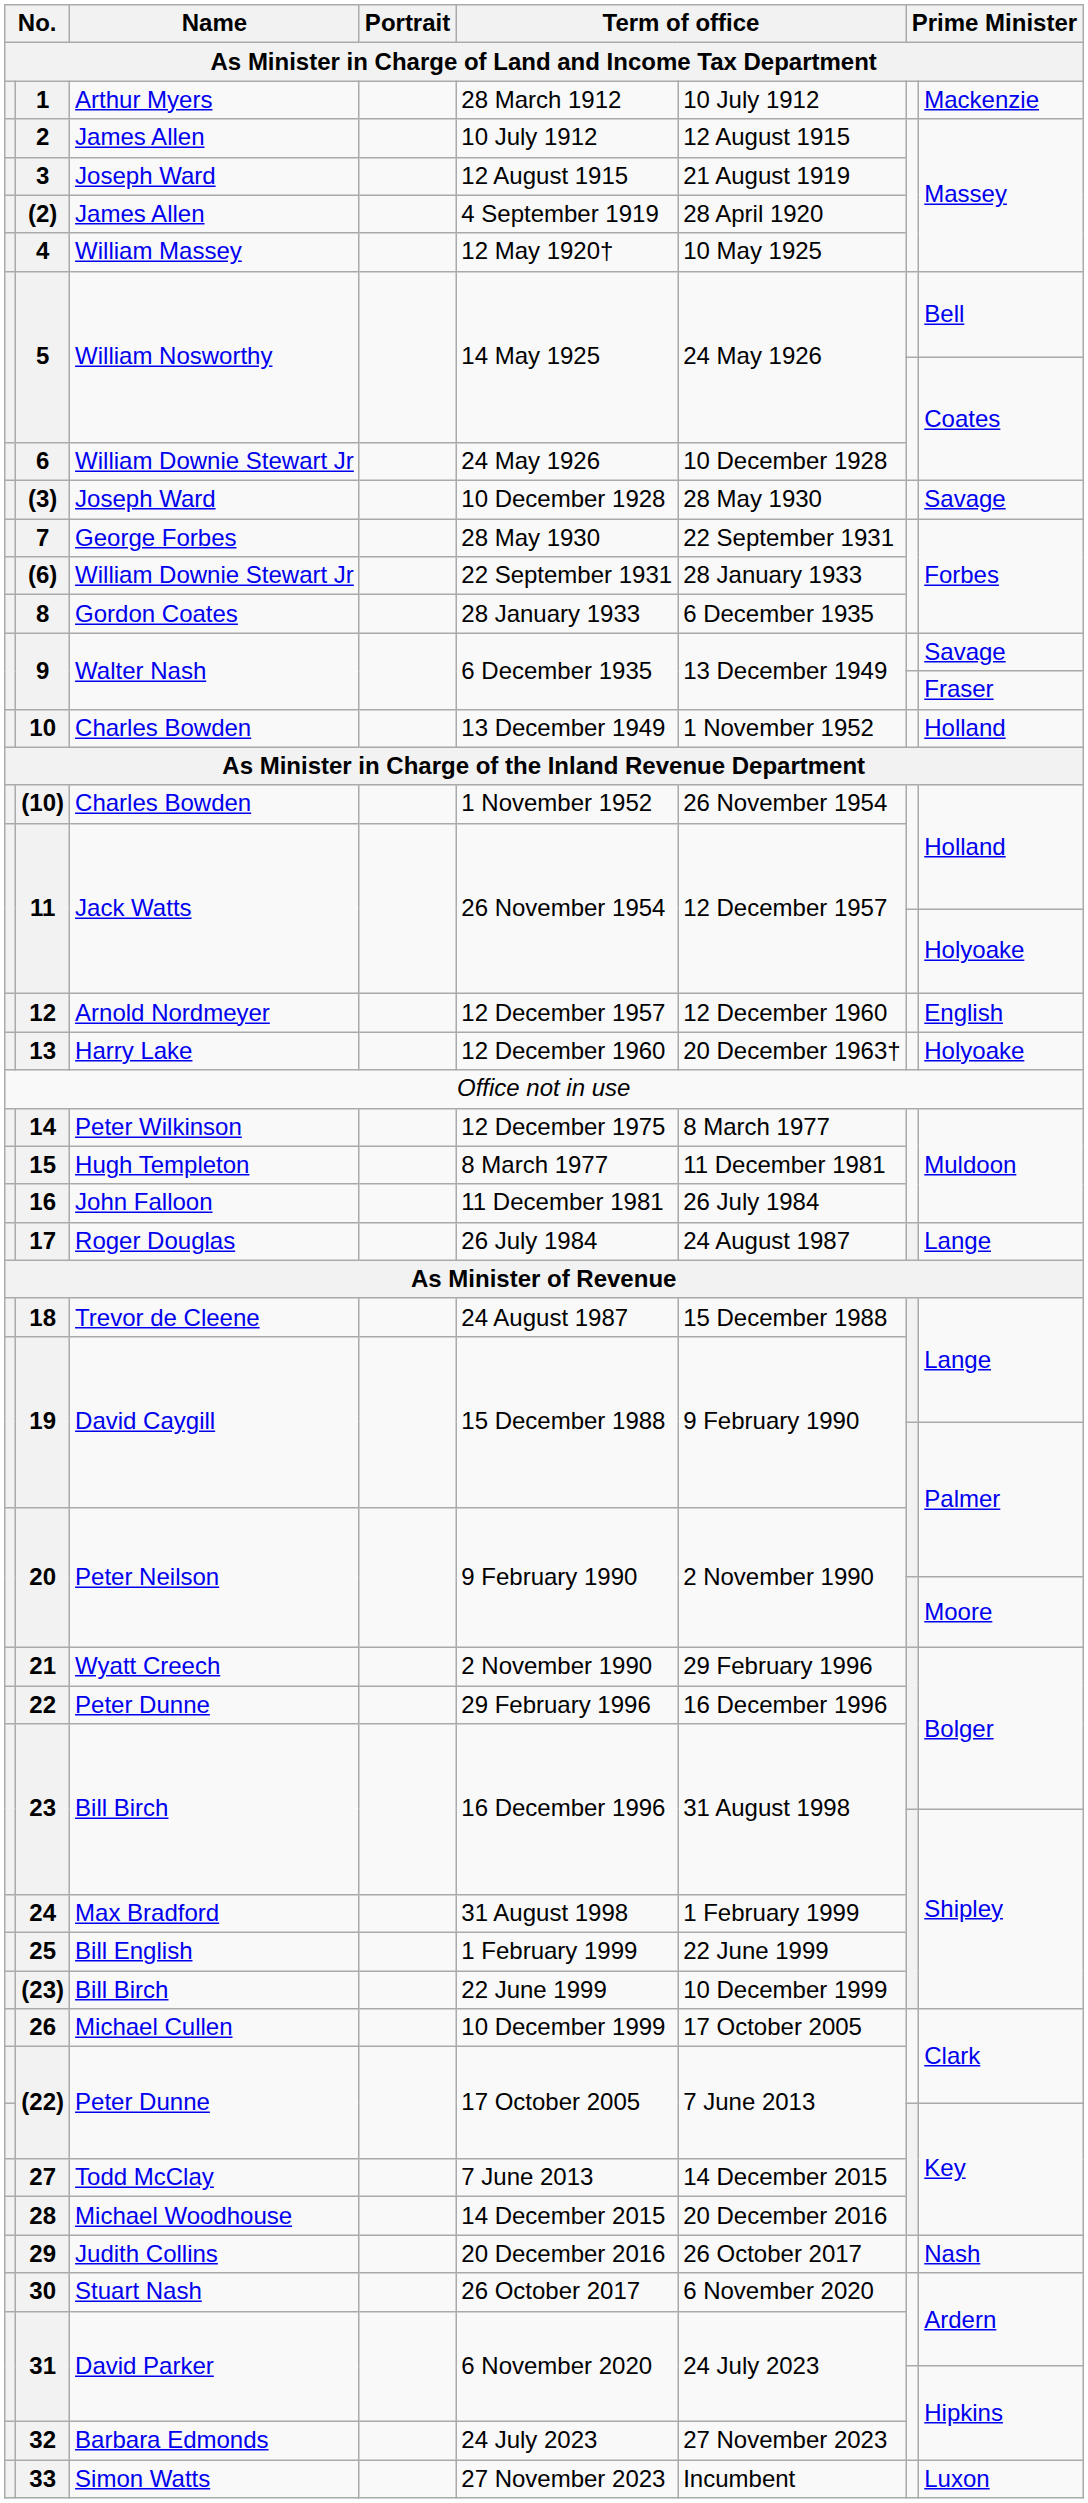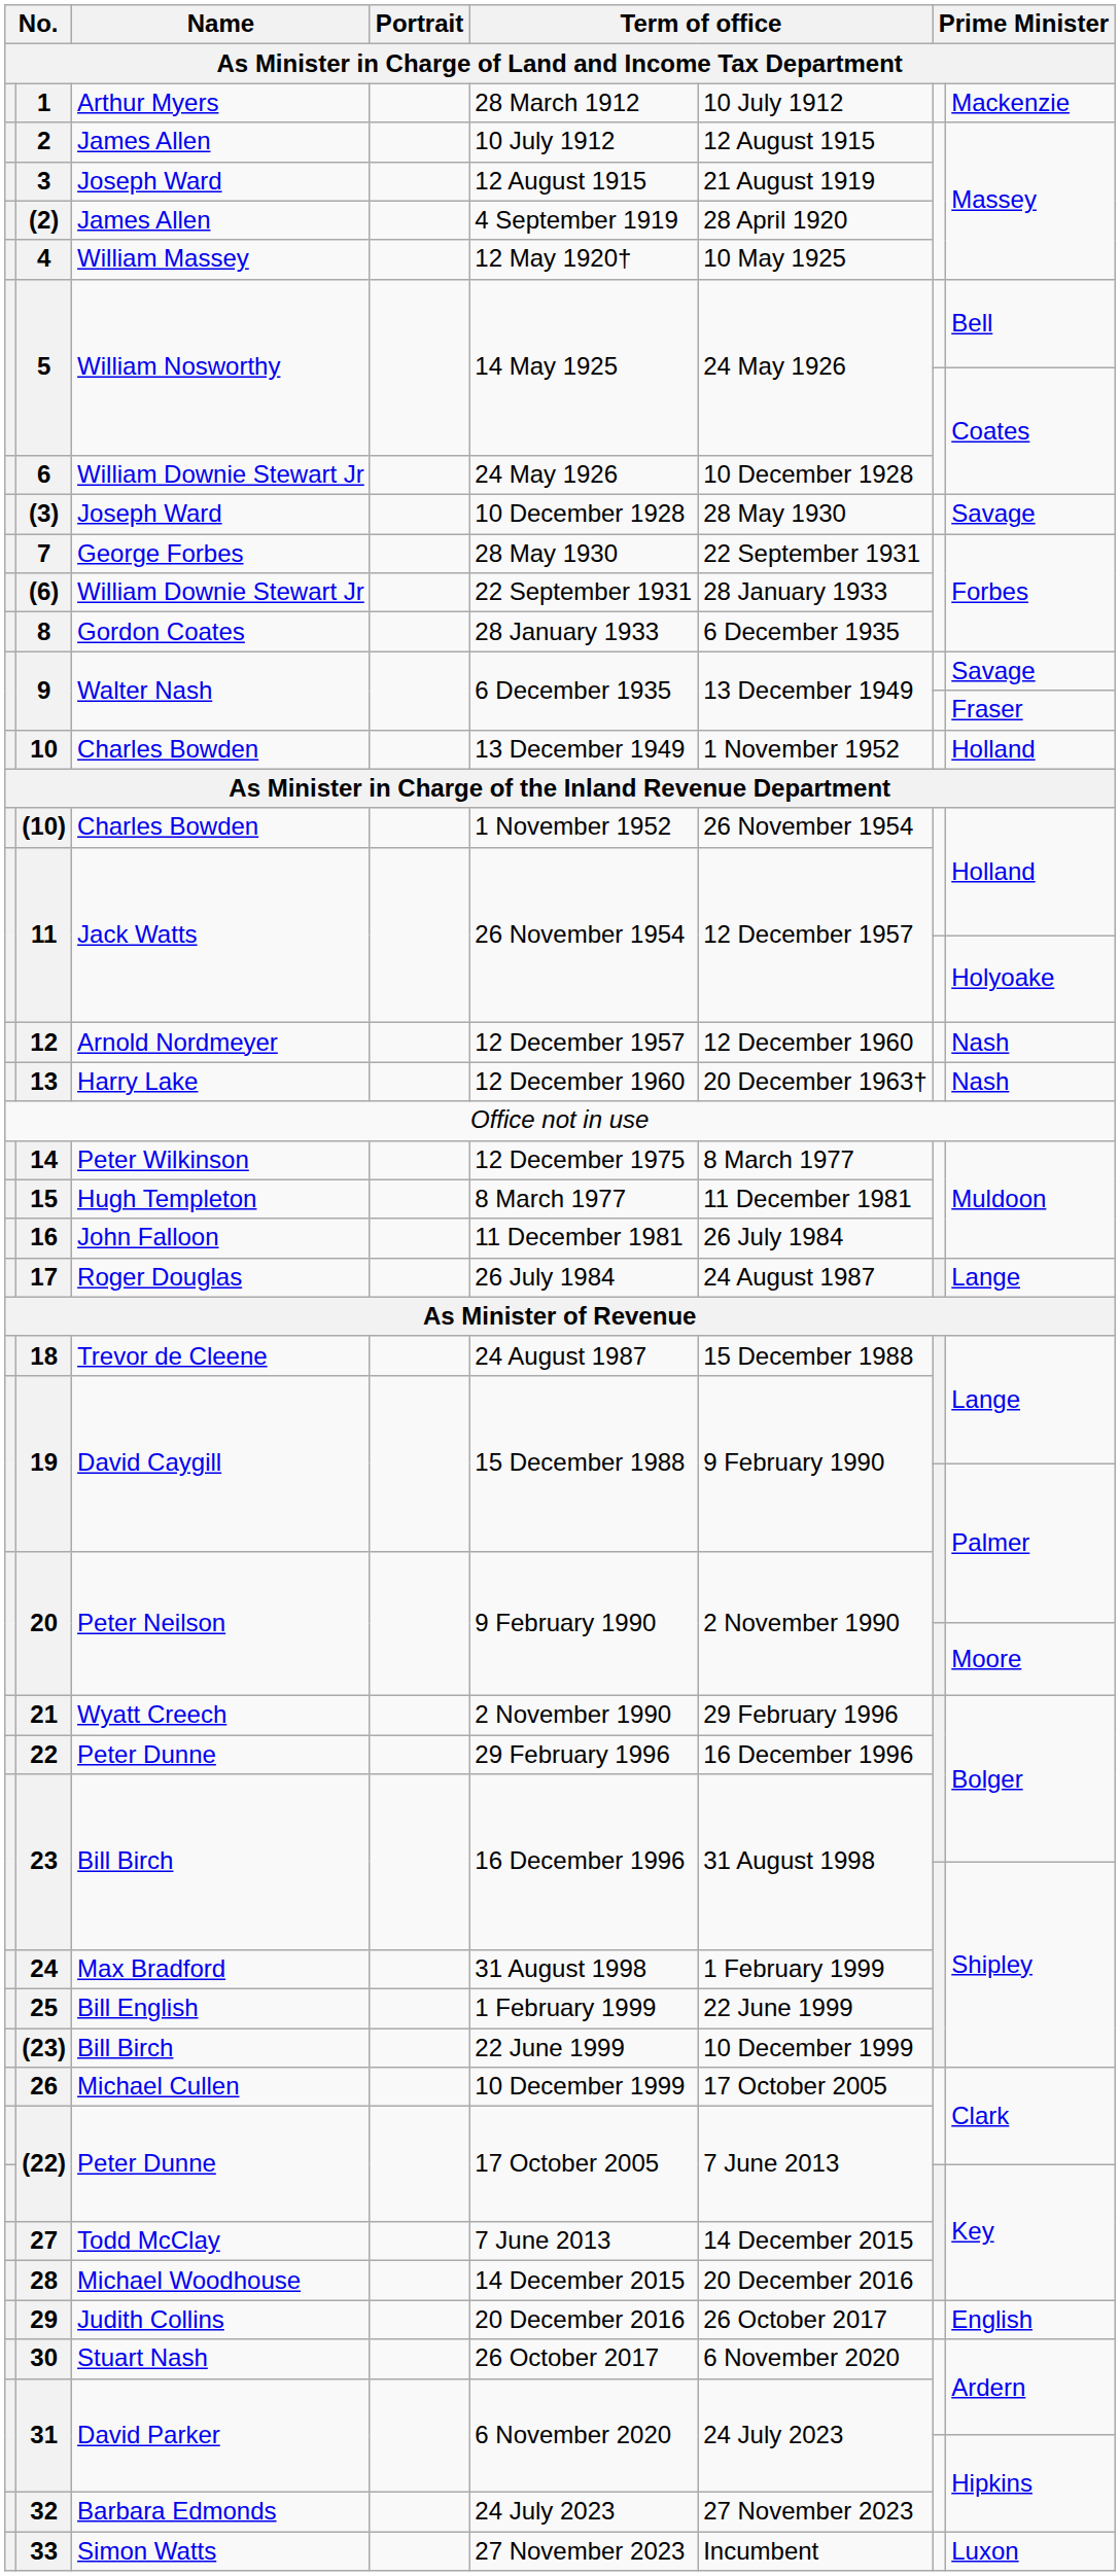 <table class="wikitable">
 <tr>
 <th colspan=2>No.</th>
 <th>Name</th>
 <th>Portrait</th>
 <th colspan=2>Term of office</th>
 <th colspan=2>Prime Minister</th>
 </tr>
 <tr>
 <th colspan=8>As Minister in Charge of Land and Income Tax Department</th>
 </tr>
 <tr>
 <th style="background:"></th>
 <th>1</th>
 <td><a href='#'>Arthur Myers</a></td>
 <td></td>
 <td>28 March 1912</td>
 <td>10 July 1912</td>
 <td width=1 style="background:"></td>
 <td><a href='#'>Mackenzie</a></td>
 </tr>
 <tr>
 <th style="background:"></th>
 <th>2</th>
 <td><a href='#'>James Allen</a></td>
 <td></td>
 <td>10 July 1912</td>
 <td>12 August 1915</td>
 <td rowspan=4 style="background:"></td>
 <td rowspan=4><a href='#'>Massey</a></td>
 </tr>
 <tr>
 <th style="background:"></th>
 <th>3</th>
 <td><a href='#'>Joseph Ward</a></td>
 <td></td>
 <td>12 August 1915</td>
 <td>21 August 1919</td>
 </tr>
 <tr>
 <th style="background:"></th>
 <th>(2)</th>
 <td><a href='#'>James Allen</a></td>
 <td></td>
 <td>4 September 1919</td>
 <td>28 April 1920</td>
 </tr>
 <tr>
 <th style="background:"></th>
 <th>4</th>
 <td><a href='#'>William Massey</a></td>
 <td></td>
 <td>12 May 1920†</td>
 <td>10 May 1925</td>
 </tr>
 <tr>
 <th height=50 style="border-bottom:solid 0 grey; background:"></th>
 <th rowspan=2>5</th>
 <td rowspan=2><a href='#'>William Nosworthy</a></td>
 <td rowspan=2></td>
 <td rowspan=2>14 May 1925</td>
 <td rowspan=2>24 May 1926</td>
 <td height=50 style="background:"></td>
 <td><a href='#'>Bell</a></td>
 </tr>
 <tr>
 <th height=50 style="border-top:solid 0 grey; background:"></th>
 <td rowspan=2 style="background:"></td>
 <td rowspan=2><a href='#'>Coates</a></td>
 </tr>
 <tr>
 <th style="background:"></th>
 <th>6</th>
 <td><a href='#'>William Downie Stewart Jr</a></td>
 <td></td>
 <td>24 May 1926</td>
 <td>10 December 1928</td>
 </tr>
 <tr>
 <th style="background:"></th>
 <th>(3)</th>
 <td><a href='#'>Joseph Ward</a></td>
 <td></td>
 <td>10 December 1928</td>
 <td>28 May 1930</td>
 <td style="background:"></td>
 <td><a href='#'>Savage</a></td>
 </tr>
 <tr>
 <th style="background:"></th>
 <th>7</th>
 <td><a href='#'>George Forbes</a></td>
 <td></td>
 <td>28 May 1930</td>
 <td>22 September 1931</td>
 <td rowspan=3 style="background:"></td>
 <td rowspan=3><a href='#'>Forbes</a></td>
 </tr>
 <tr>
 <th style="background:"></th>
 <th>(6)</th>
 <td><a href='#'>William Downie Stewart Jr</a></td>
 <td></td>
 <td>22 September 1931</td>
 <td>28 January 1933</td>
 </tr>
 <tr>
 <th style="background:"></th>
 <th>8</th>
 <td><a href='#'>Gordon Coates</a></td>
 <td></td>
 <td>28 January 1933</td>
 <td>6 December 1935</td>
 </tr>
 <tr>
 <th rowspan=2 style="background:"></th>
 <th rowspan=2>9</th>
 <td rowspan=2><a href='#'>Walter Nash</a></td>
 <td rowspan=2></td>
 <td rowspan=2>6 December 1935</td>
 <td rowspan=2>13 December 1949</td>
 <td style="background:"></td>
 <td><a href='#'>Savage</a></td>
 </tr>
 <tr>
 <td style="background:"></td>
 <td><a href='#'>Fraser</a></td>
 </tr>
 <tr>
 <th style="background:"></th>
 <th>10</th>
 <td><a href='#'>Charles Bowden</a></td>
 <td></td>
 <td>13 December 1949</td>
 <td>1 November 1952</td>
 <td style="background:"></td>
 <td><a href='#'>Holland</a></td>
 </tr>
 <tr>
 <th colspan=8>As Minister in Charge of the Inland Revenue Department</th>
 </tr>
 <tr>
 <th style="background:"></th>
 <th>(10)</th>
 <td><a href='#'>Charles Bowden</a></td>
 <td></td>
 <td>1 November 1952</td>
 <td>26 November 1954</td>
 <td rowspan=2 style="background:"></td>
 <td rowspan=2><a href='#'>Holland</a></td>
 </tr>
 <tr>
 <th height=50 style="border-bottom:solid 0 grey; background:"></th>
 <th rowspan=2>11</th>
 <td rowspan=2><a href='#'>Jack Watts</a></td>
 <td rowspan=2></td>
 <td rowspan=2>26 November 1954</td>
 <td rowspan=2>12 December 1957</td>
 </tr>
 <tr>
 <th height=50 style="border-top:solid 0 grey; background:"></th>
 <td style="background:"></td>
 <td><a href='#'>Holyoake</a></td>
 </tr>
 <tr>
 <th style="background:"></th>
 <th>12</th>
 <td><a href='#'>Arnold Nordmeyer</a></td>
 <td></td>
 <td>12 December 1957</td>
 <td>12 December 1960</td>
 <td style="background:"></td>
-<td><a href='#'>English</a></td>
+<td><a href='#'>Nash</a></td>
 </tr>
 <tr>
 <th style="background:"></th>
 <th>13</th>
 <td><a href='#'>Harry Lake</a></td>
 <td></td>
 <td>12 December 1960</td>
 <td>20 December 1963†</td>
 <td style="background:"></td>
-<td><a href='#'>Holyoake</a></td>
+<td><a href='#'>Nash</a></td>
 </tr>
 <tr>
 <td colspan="8" style="text-align:center;"><em>Office not in use</em></td>
 </tr>
 <tr>
 <th style="background:"></th>
 <th>14</th>
 <td><a href='#'>Peter Wilkinson</a></td>
 <td></td>
 <td>12 December 1975</td>
 <td>8 March 1977</td>
 <td rowspan=3 style="background:"></td>
 <td rowspan=3><a href='#'>Muldoon</a></td>
 </tr>
 <tr>
 <th style="background:"></th>
 <th>15</th>
 <td><a href='#'>Hugh Templeton</a></td>
 <td></td>
 <td>8 March 1977</td>
 <td>11 December 1981</td>
 </tr>
 <tr>
 <th style="background:"></th>
 <th>16</th>
 <td><a href='#'>John Falloon</a></td>
 <td></td>
 <td>11 December 1981</td>
 <td>26 July 1984</td>
 </tr>
 <tr>
 <th style="background:"></th>
 <th>17</th>
 <td><a href='#'>Roger Douglas</a></td>
 <td></td>
 <td>26 July 1984</td>
 <td>24 August 1987</td>
 <th style="background:"></th>
 <td><a href='#'>Lange</a></td>
 </tr>
 <tr>
 <th colspan=8>As Minister of Revenue</th>
 </tr>
 <tr>
 <th style="background:"></th>
 <th>18</th>
 <td><a href='#'>Trevor de Cleene</a></td>
 <td></td>
 <td>24 August 1987</td>
 <td>15 December 1988</td>
 <th rowspan=2 style="background:"></th>
 <td rowspan=2><a href='#'>Lange</a></td>
 </tr>
 <tr>
 <th height=50 style="border-bottom:solid 0 grey; background:"></th>
 <th rowspan=2>19</th>
 <td rowspan=2><a href='#'>David Caygill</a></td>
 <td rowspan=2></td>
 <td rowspan=2>15 December 1988</td>
 <td rowspan=2>9 February 1990</td>
 </tr>
 <tr>
 <th height=50 style="border-top:solid 0 grey; background:"></th>
 <th rowspan=2 style="background:"></th>
 <td rowspan=2><a href='#'>Palmer</a></td>
 </tr>
 <tr>
 <th height=40 style="border-bottom:solid 0 grey; background:"></th>
 <th rowspan=2>20</th>
 <td rowspan=2><a href='#'>Peter Neilson</a></td>
 <td rowspan=2></td>
 <td rowspan=2>9 February 1990</td>
 <td rowspan=2>2 November 1990</td>
 </tr>
 <tr>
 <th height=40 style="border-top:solid 0 grey; background:"></th>
 <th style="background:"></th>
 <td><a href='#'>Moore</a></td>
 </tr>
 <tr>
 <th style="background:"></th>
 <th>21</th>
 <td><a href='#'>Wyatt Creech</a></td>
 <td></td>
 <td>2 November 1990</td>
 <td>29 February 1996</td>
 <th rowspan=3 style="background:"></th>
 <td rowspan=3><a href='#'>Bolger</a></td>
 </tr>
 <tr>
 <th style="background:"></th>
 <th>22</th>
 <td><a href='#'>Peter Dunne</a></td>
 <td></td>
 <td>29 February 1996</td>
 <td>16 December 1996</td>
 </tr>
 <tr>
 <th height=50 style="border-bottom:solid 0 grey; background:"></th>
 <th rowspan=2>23</th>
 <td rowspan=2><a href='#'>Bill Birch</a></td>
 <td rowspan=2></td>
 <td rowspan=2>16 December 1996</td>
 <td rowspan=2>31 August 1998</td>
 </tr>
 <tr>
 <th height=50 style="border-top:solid 0 grey; background:"></th>
 <th rowspan=4 style="background:"></th>
 <td rowspan=4><a href='#'>Shipley</a></td>
 </tr>
 <tr>
 <th style="background:"></th>
 <th>24</th>
 <td><a href='#'>Max Bradford</a></td>
 <td></td>
 <td>31 August 1998</td>
 <td>1 February 1999</td>
 </tr>
 <tr>
 <th style="background:"></th>
 <th>25</th>
 <td><a href='#'>Bill English</a></td>
 <td></td>
 <td>1 February 1999</td>
 <td>22 June 1999</td>
 </tr>
 <tr>
 <th style="background:"></th>
 <th>(23)</th>
 <td><a href='#'>Bill Birch</a></td>
 <td></td>
 <td>22 June 1999</td>
 <td>10 December 1999</td>
 </tr>
 <tr>
 <th style="background:"></th>
 <th>26</th>
 <td><a href='#'>Michael Cullen</a></td>
 <td></td>
 <td>10 December 1999</td>
 <td>17 October 2005</td>
 <td rowspan=2 style="background:"></td>
 <td rowspan=2><a href='#'>Clark</a></td>
 </tr>
 <tr>
 <th height=30 style="background:"></th>
 <th rowspan=2>(22)</th>
 <td rowspan=2><a href='#'>Peter Dunne</a></td>
 <td rowspan=2></td>
 <td rowspan=2>17 October 2005</td>
 <td rowspan=2>7 June 2013</td>
 </tr>
 <tr>
 <th height=30 style="background:"></th>
 <th height=30 rowspan=3 style="background:"></th>
 <td rowspan=3><a href='#'>Key</a></td>
 </tr>
 <tr>
 <th style="background:"></th>
 <th>27</th>
 <td><a href='#'>Todd McClay</a></td>
 <td></td>
 <td>7 June 2013</td>
 <td>14 December 2015</td>
 </tr>
 <tr>
 <th style="background:"></th>
 <th>28</th>
 <td><a href='#'>Michael Woodhouse</a></td>
 <td></td>
 <td>14 December 2015</td>
 <td>20 December 2016</td>
 </tr>
 <tr>
 <th style="background:"></th>
 <th>29</th>
 <td><a href='#'>Judith Collins</a></td>
 <td></td>
 <td>20 December 2016</td>
 <td>26 October 2017</td>
 <td style="background:"></td>
-<td><a href='#'>Nash</a></td>
+<td><a href='#'>English</a></td>
 </tr>
 <tr>
 <th style="background:"></th>
 <th>30</th>
 <td><a href='#'>Stuart Nash</a></td>
 <td></td>
 <td>26 October 2017</td>
 <td>6 November 2020</td>
 <td rowspan=2 style="background:"></td>
 <td rowspan=2><a href='#'>Ardern</a></td>
 </tr>
 <tr>
 <th height=30 style="border-bottom:solid 0 grey; background:"></th>
 <th rowspan="2">31</th>
 <td rowspan="2"><a href='#'>David Parker</a></td>
 <td rowspan="2"></td>
 <td rowspan="2">6 November 2020</td>
 <td rowspan="2">24 July 2023</td>
 </tr>
 <tr>
 <th height=30 style="border-top:solid 0 grey; background:"></th>
 <td rowspan="2" style="background:"></td>
 <td rowspan="2"><a href='#'>Hipkins</a></td>
 </tr>
 <tr>
 <th style="background:"></th>
 <th>32</th>
 <td><a href='#'>Barbara Edmonds</a></td>
 <td></td>
 <td>24 July 2023</td>
 <td>27 November 2023</td>
 </tr>
 <tr>
 <th style="background:"></th>
 <th>33</th>
 <td><a href='#'>Simon Watts</a></td>
 <td></td>
 <td>27 November 2023</td>
 <td>Incumbent</td>
 <td style="background:"></td>
 <td><a href='#'>Luxon</a></td>
 </tr>
 </table>
